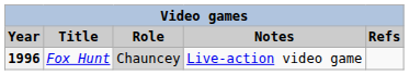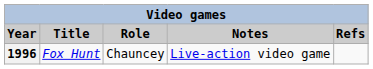 <table class="wikitable">
 <tr>
 <th colspan="5" style="background:#B0C4DE;">Video games</th>
 </tr>
 <tr>
 <th style="background: #CCCCCC;">Year</th>
 <th style="background: #CCCCCC;">Title</th>
 <th style="background: #CCCCCC;">Role</th>
 <th style="background: #CCCCCC;">Notes</th>
 <th style="background: #CCCCCC;">Refs</th>
 </tr>
 <tr>
 <th row=scope>1996</th>
 <td><em><a href='#'>Fox Hunt</a></em></td>
-<td style="background: lightgrey;">Chauncey</td>
+<td>Chauncey</td>
 <td><a href='#'>Live-action</a> video game</td>
 <td></td>
 </tr>
 </table>
